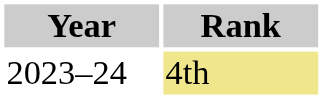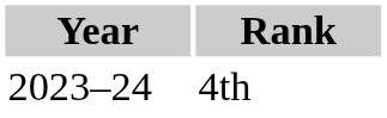 <table style="border:'1' 'solid' 'gray' " width="150">
 <tr>
 <th width="64" bgcolor="#CCCCCC">Year</th>
 <th width="64" bgcolor="#CCCCCC">Rank</th>
 </tr>
 <tr>
 <td width="64">2023–24</td>
-<td width="64" style="background: khaki;">4th</td>
+<td width="64">4th</td>
 </tr>
 <tr>
 <td width="64"></td>
 <td width="64"></td>
 </tr>
 <tr>
 <td width="64"></td>
 <td width="64"></td>
 </tr>
 <tr>
 <td width="64"></td>
 <td width="64"></td>
 </tr>
 <tr>
 <td width="64"></td>
 <td width="64"></td>
 </tr>
 <tr>
 <td width="64"></td>
 <td width="64"></td>
 </tr>
 <tr>
 <td width="64"></td>
 <td width="64"></td>
 </tr>
 <tr>
 <td width="64"></td>
 <td width="64"></td>
 </tr>
 </table>
